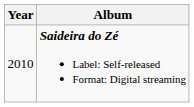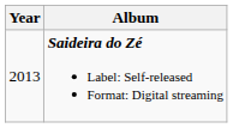 <table class="wikitable">
 <tr>
 <th>Year</th>
 <th>Album</th>
 </tr>
 <tr>
-<td>2010</td>
+<td>2013</td>
 <td><strong><em>Saideira do Zé</em></strong><br><ul><li><small>Label: Self-released</small></li><li><small>Format: Digital streaming</small></li></ul></td>
 </tr>
 </table>
